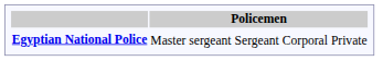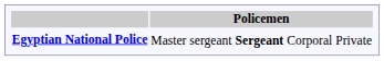 <table style="border:1px solid #8888aa; background-color:#f7f8ff; padding:5px; font-size:95%; margin: 0px 12px 12px 0px;">
 <tr style="background:#ccc;">
 <th></th>
 <th colspan=4>Policemen</th>
 </tr>
 <tr style="text-align:center;">
 <td rowspan=3> <strong><a href='#'>Egyptian National Police</a></strong></td>
 <td></td>
 <td></td>
 <td></td>
 <td></td>
 </tr>
 <tr style="text-align:center;">
 <td>Master sergeant</td>
-<td>Sergeant</td>
+<td><strong>Sergeant</strong></td>
 <td>Corporal</td>
 <td>Private</td>
 </tr>
 </table>
